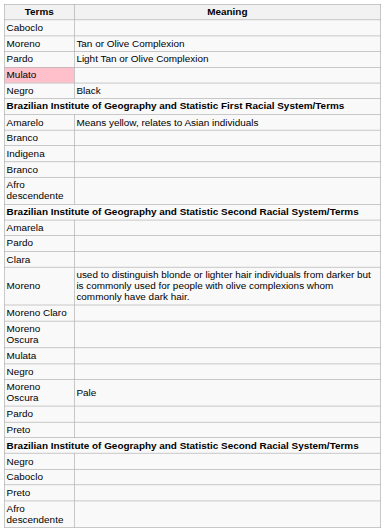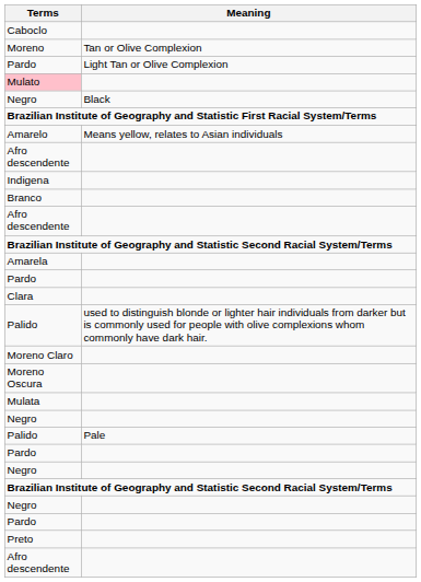 <table class="wikitable">
 <tr>
 <th>Terms</th>
 <th>Meaning</th>
 </tr>
 <tr>
 <td>Caboclo</td>
 <td></td>
 </tr>
 <tr>
 <td>Moreno</td>
 <td>Tan or Olive Complexion</td>
 </tr>
 <tr>
 <td>Pardo</td>
 <td>Light Tan or Olive Complexion</td>
 </tr>
 <tr>
 <td style="background: pink;">Mulato</td>
 <td></td>
 </tr>
 <tr>
 <td>Negro</td>
 <td>Black</td>
 </tr>
 <tr>
 <td colspan="2"><strong>Brazilian Institute of Geography and Statistic First Racial System/Terms</strong></td>
 </tr>
 <tr>
 <td>Amarelo</td>
 <td>Means yellow, relates to Asian individuals</td>
 </tr>
 <tr>
-<td>Branco</td>
+<td>Afro descendente</td>
 <td></td>
 </tr>
 <tr>
 <td>Indigena</td>
 <td></td>
 </tr>
 <tr>
 <td>Branco</td>
 <td></td>
 </tr>
 <tr>
 <td>Afro descendente</td>
 <td></td>
 </tr>
 <tr>
 <td colspan="2"><strong>Brazilian Institute of Geography and Statistic Second Racial System/Terms</strong></td>
 </tr>
 <tr>
 <td>Amarela</td>
 <td></td>
 </tr>
 <tr>
 <td>Pardo</td>
 <td></td>
 </tr>
 <tr>
 <td>Clara</td>
 <td></td>
 </tr>
 <tr>
-<td>Moreno</td>
+<td>Palido</td>
 <td>used to distinguish blonde or lighter hair individuals from darker but is commonly used for people with olive complexions whom commonly have dark hair.</td>
 </tr>
 <tr>
 <td>Moreno Claro</td>
 <td></td>
 </tr>
 <tr>
 <td>Moreno Oscura</td>
 <td></td>
 </tr>
 <tr>
 <td>Mulata</td>
 <td></td>
 </tr>
 <tr>
 <td>Negro</td>
 <td></td>
 </tr>
 <tr>
-<td>Moreno Oscura</td>
+<td>Palido</td>
 <td>Pale</td>
 </tr>
 <tr>
 <td>Pardo</td>
 <td></td>
 </tr>
 <tr>
-<td>Preto</td>
+<td>Negro</td>
 <td></td>
 </tr>
 <tr>
 <td colspan="2"><strong>Brazilian Institute of Geography and Statistic Second Racial System/Terms</strong></td>
 </tr>
 <tr>
 <td>Negro</td>
 <td></td>
 </tr>
 <tr>
-<td>Caboclo</td>
+<td>Pardo</td>
 <td></td>
 </tr>
 <tr>
 <td>Preto</td>
 <td></td>
 </tr>
 <tr>
 <td>Afro descendente</td>
 <td></td>
 </tr>
 </table>
